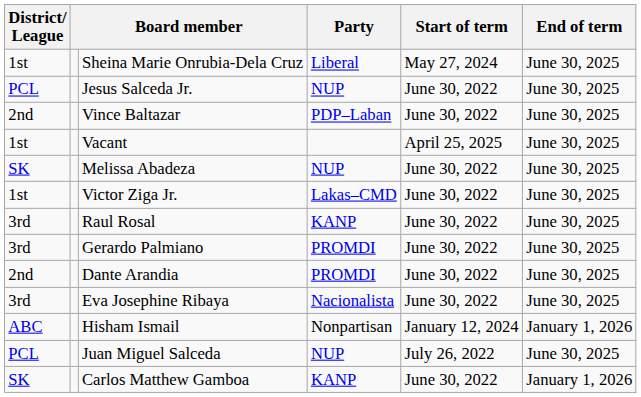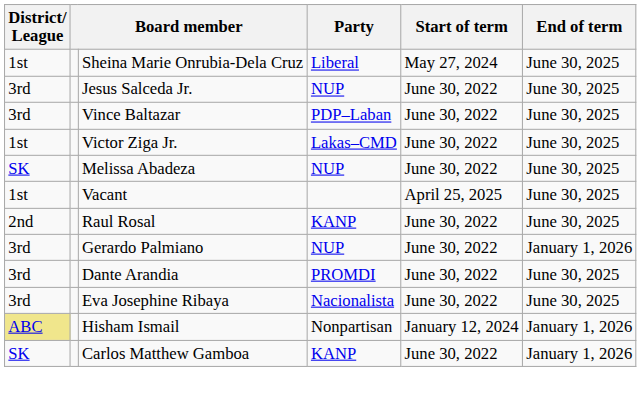 <table class="wikitable">
 <tr>
 <th>District/<br>League</th>
 <th colspan="2">Board member</th>
 <th>Party</th>
 <th>Start of term</th>
 <th>End of term</th>
 </tr>
 <tr>
 <td>1st</td>
 <td></td>
 <td>Sheina Marie Onrubia-Dela Cruz</td>
 <td><a href='#'>Liberal</a></td>
 <td>May 27, 2024</td>
 <td>June 30, 2025</td>
 </tr>
 <tr>
-<td><a href='#'>PCL</a></td>
+<td>3rd</td>
 <td></td>
 <td>Jesus Salceda Jr.</td>
 <td><a href='#'>NUP</a></td>
 <td>June 30, 2022</td>
 <td>June 30, 2025</td>
 </tr>
 <tr>
-<td>2nd</td>
+<td>3rd</td>
 <td></td>
 <td>Vince Baltazar</td>
 <td><a href='#'>PDP–Laban</a></td>
 <td>June 30, 2022</td>
 <td>June 30, 2025</td>
 </tr>
 <tr>
 <td>1st</td>
 <td></td>
-<td>Vacant</td>
-<td></td>
-<td>April 25, 2025</td>
+<td>Victor Ziga Jr.</td>
+<td><a href='#'>Lakas–CMD</a></td>
+<td>June 30, 2022</td>
 <td>June 30, 2025</td>
 </tr>
 <tr>
 <td><a href='#'>SK</a></td>
 <td></td>
 <td>Melissa Abadeza</td>
 <td><a href='#'>NUP</a></td>
 <td>June 30, 2022</td>
 <td>June 30, 2025</td>
 </tr>
 <tr>
 <td>1st</td>
 <td></td>
-<td>Victor Ziga Jr.</td>
-<td><a href='#'>Lakas–CMD</a></td>
-<td>June 30, 2022</td>
+<td>Vacant</td>
+<td></td>
+<td>April 25, 2025</td>
 <td>June 30, 2025</td>
 </tr>
 <tr>
-<td>3rd</td>
+<td>2nd</td>
 <td></td>
 <td>Raul Rosal</td>
 <td><a href='#'>KANP</a></td>
 <td>June 30, 2022</td>
 <td>June 30, 2025</td>
 </tr>
 <tr>
 <td>3rd</td>
 <td></td>
 <td>Gerardo Palmiano</td>
-<td><a href='#'>PROMDI</a></td>
+<td><a href='#'>NUP</a></td>
 <td>June 30, 2022</td>
-<td>June 30, 2025</td>
+<td>January 1, 2026</td>
 </tr>
 <tr>
-<td>2nd</td>
+<td>3rd</td>
 <td></td>
 <td>Dante Arandia</td>
 <td><a href='#'>PROMDI</a></td>
 <td>June 30, 2022</td>
 <td>June 30, 2025</td>
 </tr>
 <tr>
 <td>3rd</td>
 <td></td>
 <td>Eva Josephine Ribaya</td>
 <td><a href='#'>Nacionalista</a></td>
 <td>June 30, 2022</td>
 <td>June 30, 2025</td>
 </tr>
 <tr>
-<td><a href='#'>ABC</a></td>
+<td style="background: khaki;"><a href='#'>ABC</a></td>
 <td></td>
 <td>Hisham Ismail</td>
 <td>Nonpartisan</td>
 <td>January 12, 2024</td>
 <td>January 1, 2026</td>
-</tr>
-<tr>
-<td><a href='#'>PCL</a></td>
-<td></td>
-<td>Juan Miguel Salceda</td>
-<td><a href='#'>NUP</a></td>
-<td>July 26, 2022</td>
-<td>June 30, 2025</td>
 </tr>
 <tr>
 <td><a href='#'>SK</a></td>
 <td></td>
 <td>Carlos Matthew Gamboa</td>
 <td><a href='#'>KANP</a></td>
 <td>June 30, 2022</td>
 <td>January 1, 2026</td>
 </tr>
 </table>
